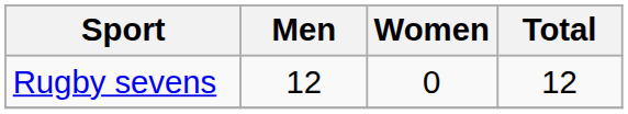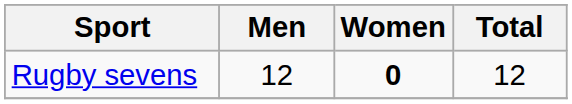 <table class="wikitable sortable" style="text-align:center;">
 <tr>
 <th width=110>Sport</th>
 <th width=55>Men</th>
 <th width=55>Women</th>
 <th width=55>Total</th>
 </tr>
 <tr>
 <td align=left><a href='#'>Rugby sevens</a></td>
 <td>12</td>
-<td>0</td>
+<td><strong>0</strong></td>
 <td>12</td>
 </tr>
 <tr>
 </tr>
 </table>
